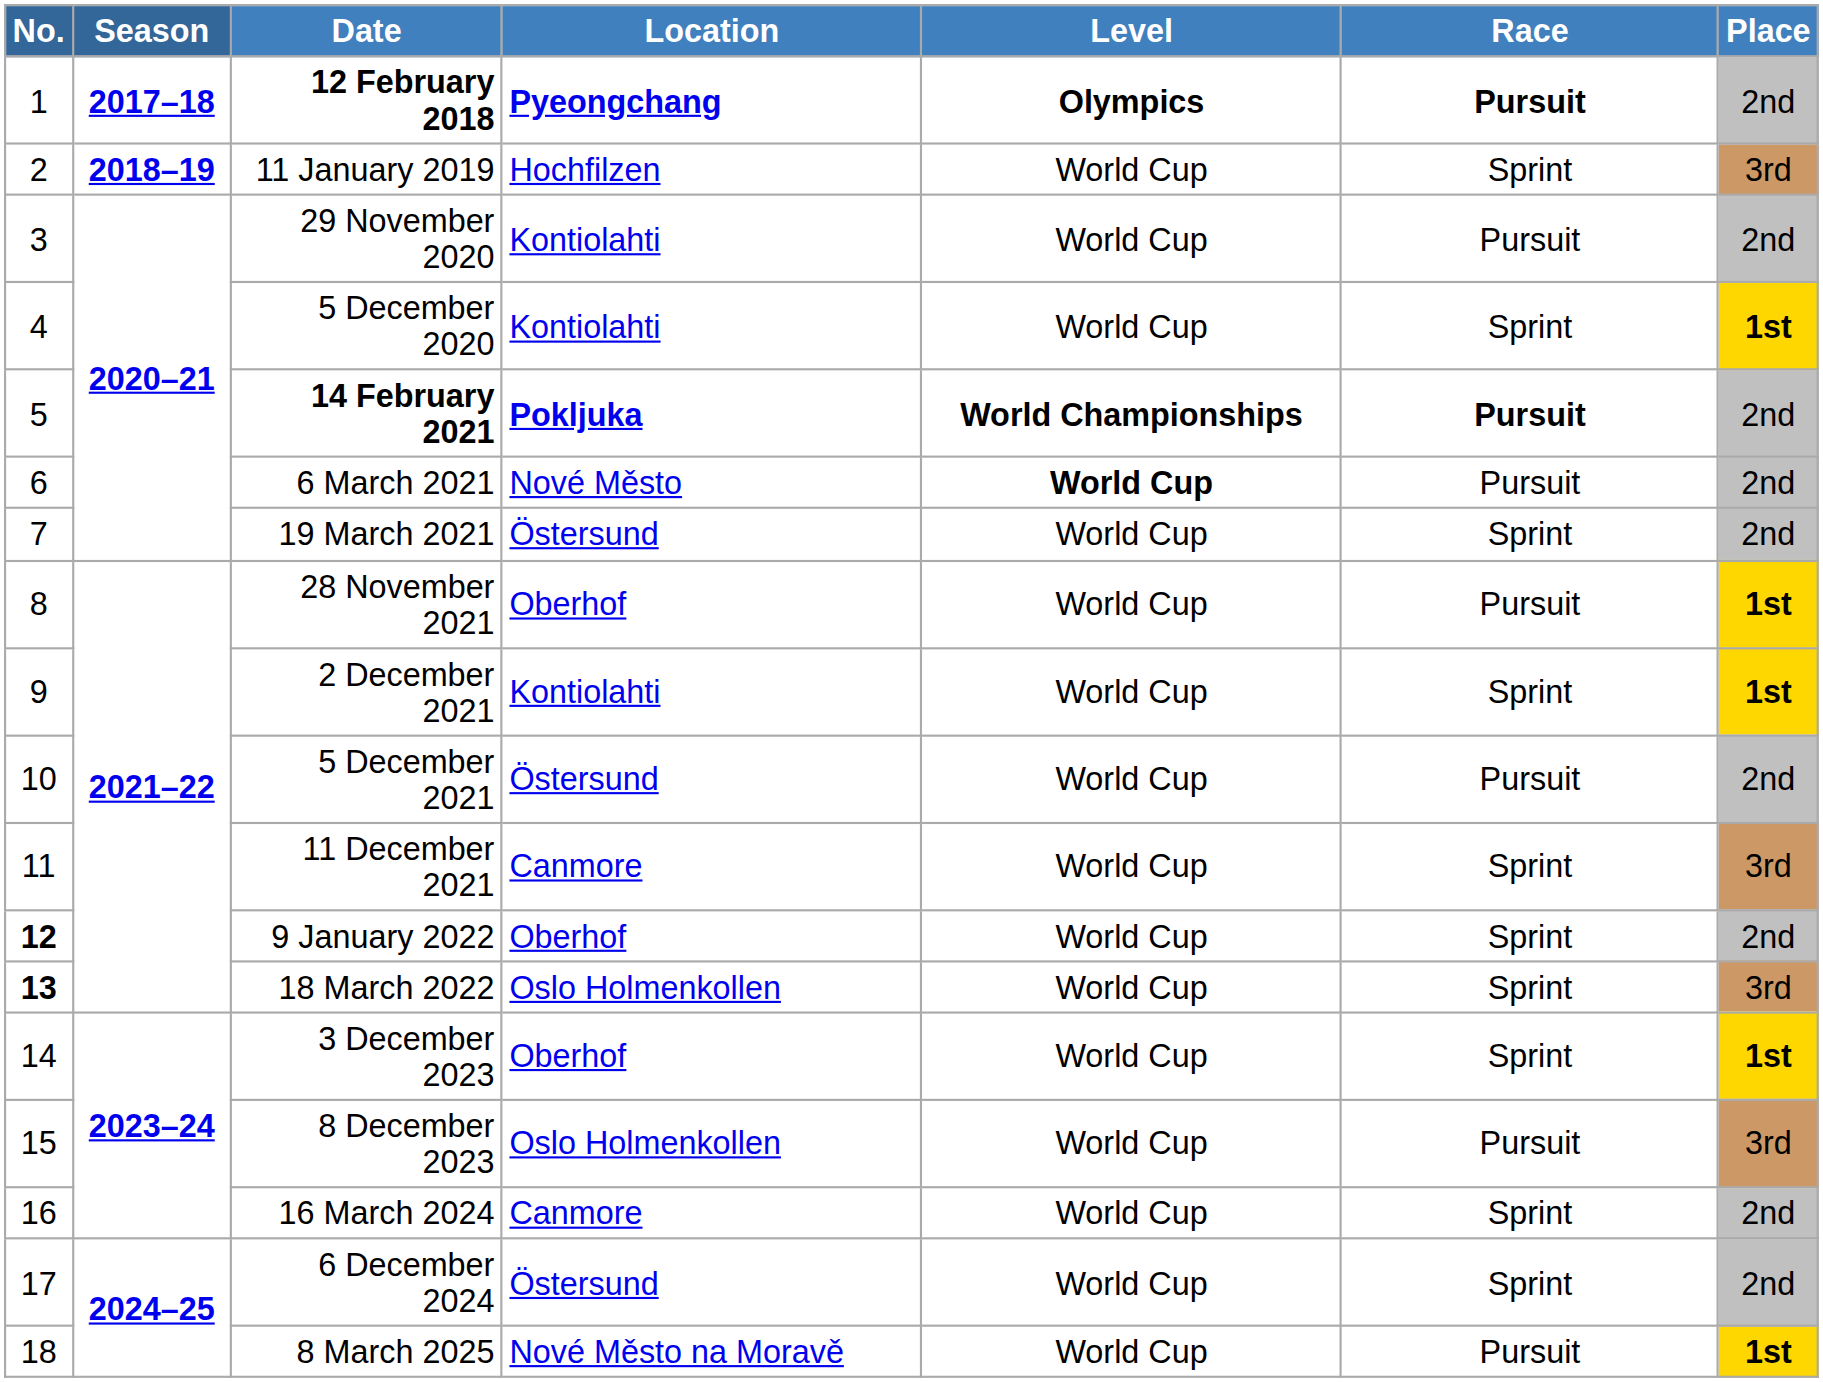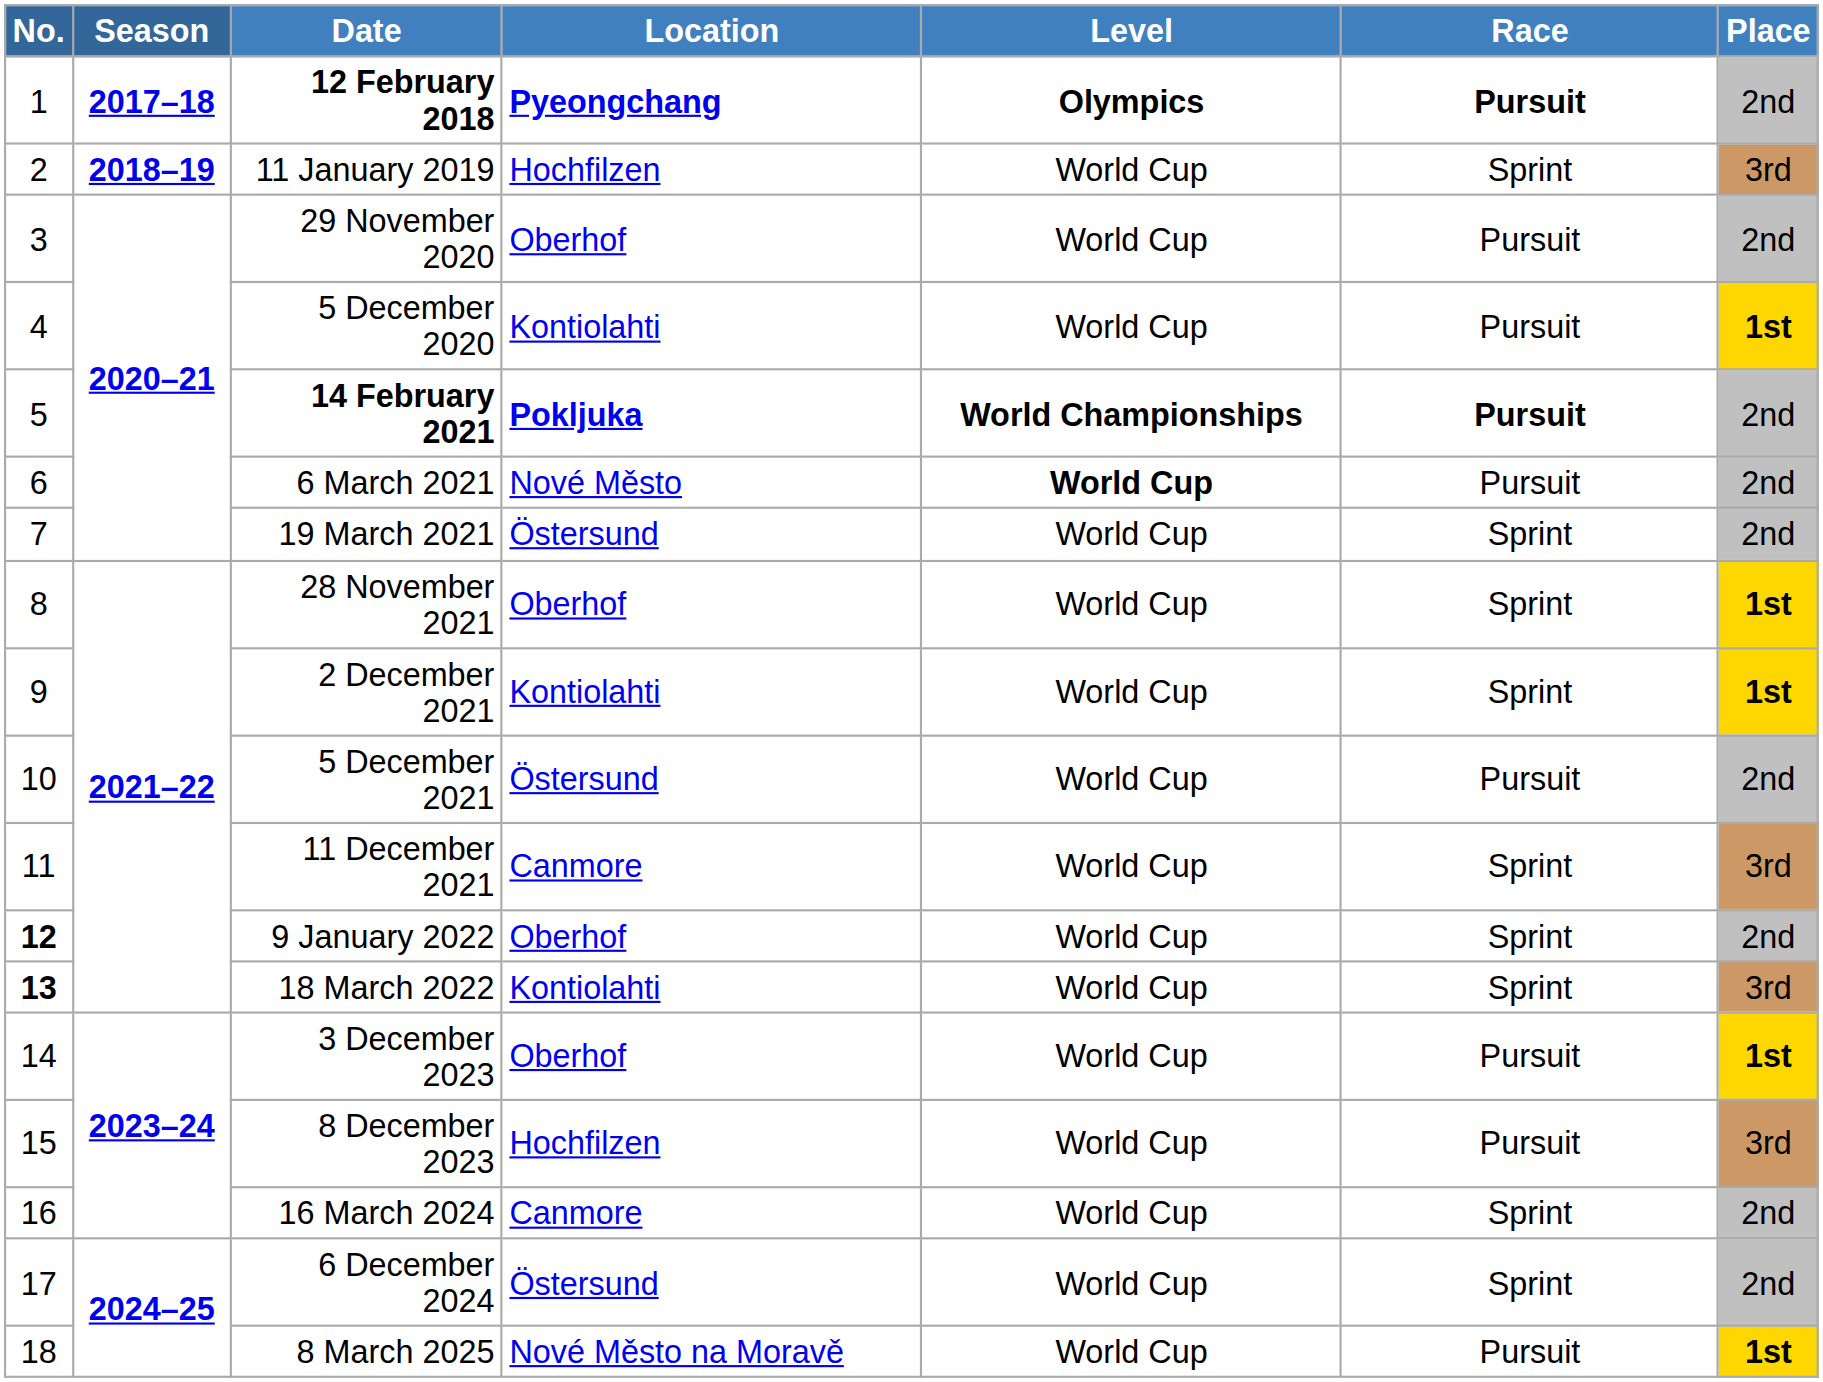 <table class="wikitable sortable" style="font-size:95%; text-align:center; border:grey solid 1px; border-collapse:collapse; background:#ffffff;">
 <tr style="background:#efefef;">
 <th style="background-color:#369; color:white;">No.</th>
 <th style="background-color:#369; color:white;">Season</th>
 <th style="background-color:#4180be; color:white; width:120px;">Date</th>
 <th style="background-color:#4180be; color:white; width:190px;">Location</th>
 <th style="background-color:#4180be; color:white; width:190px;">Level</th>
 <th style="background-color:#4180be; color:white; width:170px;">Race</th>
 <th style="background-color:#4180be; color:white;">Place</th>
 </tr>
 <tr>
 <td align=center>1</td>
 <td rowspan="1" align="center"><strong> <a href='#'>2017–18</a> </strong></td>
 <td align=right><strong>12 February 2018</strong></td>
 <td align=left> <strong><a href='#'>Pyeongchang</a></strong></td>
 <td><strong>Olympics</strong></td>
 <td><strong>Pursuit</strong></td>
 <td bgcolor="silver">2nd</td>
 </tr>
 <tr>
 <td align=center>2</td>
 <td rowspan="1" align="center"><strong> <a href='#'>2018–19</a> </strong></td>
 <td align=right>11 January 2019</td>
 <td align=left> <a href='#'>Hochfilzen</a></td>
 <td>World Cup</td>
 <td>Sprint</td>
 <td bgcolor="cc9966">3rd</td>
 </tr>
 <tr>
 <td align=center>3</td>
 <td rowspan="5" align="center"><strong> <a href='#'>2020–21</a> </strong></td>
 <td align=right>29 November 2020</td>
-<td align=left> <a href='#'>Kontiolahti</a></td>
+<td align=left> <a href='#'>Oberhof</a></td>
 <td>World Cup</td>
 <td>Pursuit</td>
 <td bgcolor="silver">2nd</td>
 </tr>
 <tr>
 <td align=center>4</td>
 <td align=right>5 December 2020</td>
 <td align=left> <a href='#'>Kontiolahti</a></td>
 <td>World Cup</td>
-<td>Sprint</td>
+<td>Pursuit</td>
 <td bgcolor="gold"><strong>1st</strong></td>
 </tr>
 <tr>
 <td align=center>5</td>
 <td align=right><strong>14 February 2021</strong></td>
 <td align=left> <strong><a href='#'>Pokljuka</a></strong></td>
 <td><strong>World Championships</strong></td>
 <td><strong>Pursuit</strong></td>
 <td bgcolor="silver">2nd</td>
 </tr>
 <tr>
 <td align=center>6</td>
 <td align=right>6 March 2021</td>
 <td align=left> <a href='#'>Nové Město</a></td>
 <td><strong>World Cup</strong></td>
 <td>Pursuit</td>
 <td bgcolor="silver">2nd</td>
 </tr>
 <tr>
 <td align=center>7</td>
 <td align=right>19 March 2021</td>
 <td align=left> <a href='#'>Östersund</a></td>
 <td>World Cup</td>
 <td>Sprint</td>
 <td bgcolor="silver">2nd</td>
 </tr>
 <tr>
 <td align=center>8</td>
 <td rowspan="6" align="center"><strong> <a href='#'>2021–22</a> </strong></td>
 <td align=right>28 November 2021</td>
 <td align=left> <a href='#'>Oberhof</a></td>
 <td>World Cup</td>
-<td>Pursuit</td>
+<td>Sprint</td>
 <td bgcolor="gold"><strong>1st</strong></td>
 </tr>
 <tr>
 <td align=center>9</td>
 <td align=right>2 December 2021</td>
 <td align=left> <a href='#'>Kontiolahti</a></td>
 <td>World Cup</td>
 <td>Sprint</td>
 <td bgcolor="gold"><strong>1st</strong></td>
 </tr>
 <tr>
 <td align=center>10</td>
 <td align=right>5 December 2021</td>
 <td align=left> <a href='#'>Östersund</a></td>
 <td>World Cup</td>
 <td>Pursuit</td>
 <td bgcolor="silver">2nd</td>
 </tr>
 <tr>
 <td align=center>11</td>
 <td align=right>11 December 2021</td>
 <td align=left> <a href='#'>Canmore</a></td>
 <td>World Cup</td>
 <td>Sprint</td>
 <td bgcolor="cc9966">3rd</td>
 </tr>
 <tr>
 <td align=center><strong>12</strong></td>
 <td align=right>9 January 2022</td>
 <td align=left> <a href='#'>Oberhof</a></td>
 <td>World Cup</td>
 <td>Sprint</td>
 <td bgcolor="silver">2nd</td>
 </tr>
 <tr>
 <td align=center><strong>13</strong></td>
 <td align=right>18 March 2022</td>
-<td align=left> <a href='#'>Oslo Holmenkollen</a></td>
+<td align=left> <a href='#'>Kontiolahti</a></td>
 <td>World Cup</td>
 <td>Sprint</td>
 <td bgcolor="cc9966">3rd</td>
 </tr>
 <tr>
 <td align=center>14</td>
 <td rowspan="3" align="center"><strong> <a href='#'>2023–24</a> </strong></td>
 <td align=right>3 December 2023</td>
 <td align=left> <a href='#'>Oberhof</a></td>
 <td>World Cup</td>
-<td>Sprint</td>
+<td>Pursuit</td>
 <td bgcolor="gold"><strong>1st</strong></td>
 </tr>
 <tr>
 <td align=center>15</td>
 <td align=right>8 December 2023</td>
-<td align=left> <a href='#'>Oslo Holmenkollen</a></td>
+<td align=left> <a href='#'>Hochfilzen</a></td>
 <td>World Cup</td>
 <td>Pursuit</td>
 <td bgcolor="cc9966">3rd</td>
 </tr>
 <tr>
 <td align=center>16</td>
 <td align=right>16 March 2024</td>
 <td align=left> <a href='#'>Canmore</a></td>
 <td>World Cup</td>
 <td>Sprint</td>
 <td align=center bgcolor="silver">2nd</td>
 </tr>
 <tr>
 <td align=center>17</td>
 <td rowspan=2 align=center><strong><a href='#'>2024–25</a></strong></td>
 <td align=right>6 December 2024</td>
 <td align=left> <a href='#'>Östersund</a></td>
 <td>World Cup</td>
 <td>Sprint</td>
 <td align=center bgcolor="silver">2nd</td>
 </tr>
 <tr>
 <td align=center>18</td>
 <td align=right>8 March 2025</td>
 <td align=left> <a href='#'>Nové Město na Moravě</a></td>
 <td>World Cup</td>
 <td>Pursuit</td>
 <td bgcolor="gold"><strong>1st</strong></td>
 </tr>
 </table>
